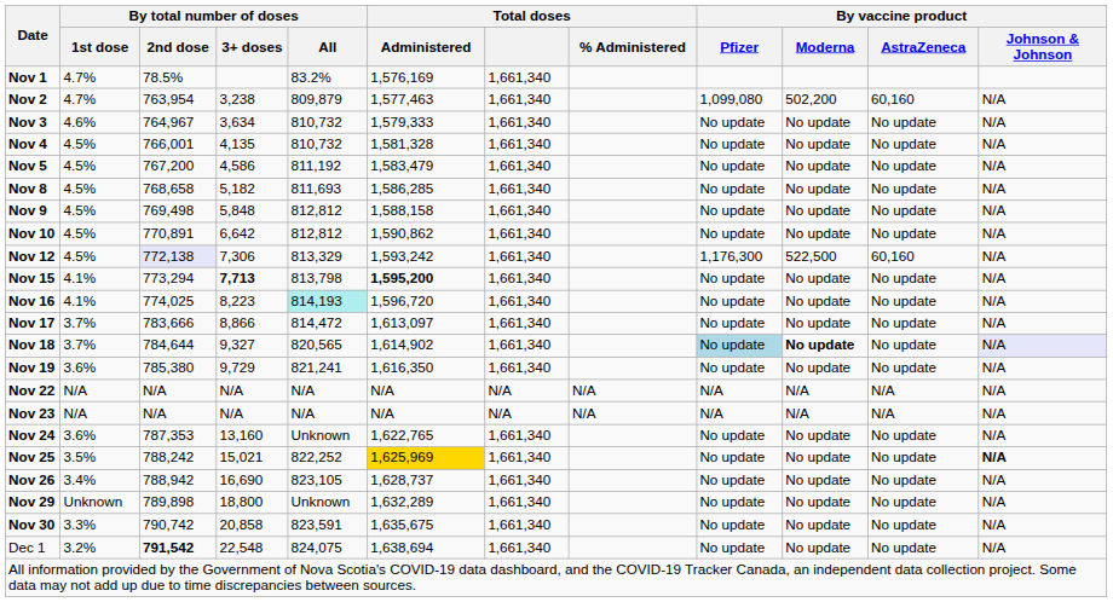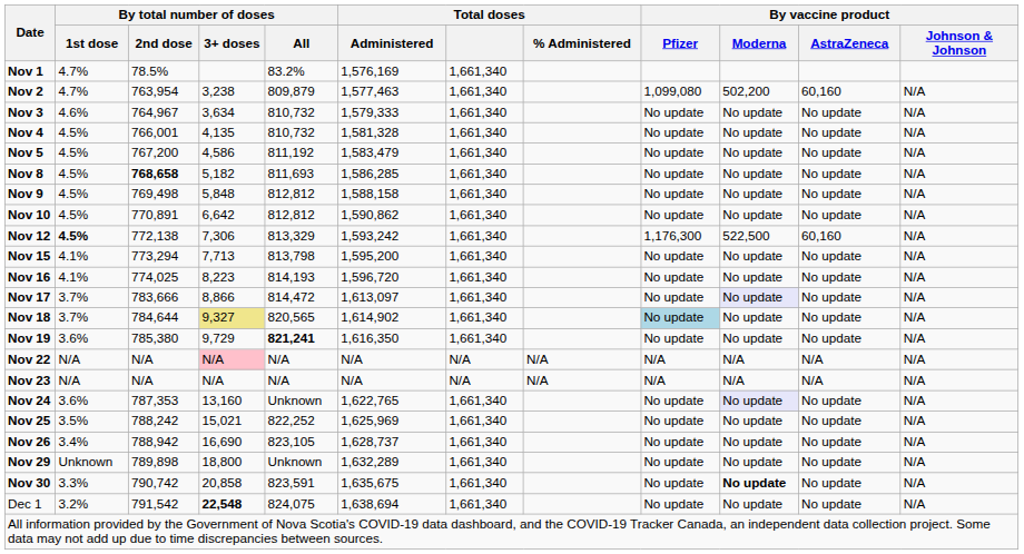 <table class="wikitable">
 <tr>
 <th rowspan="2">Date</th>
 <th colspan="4">By total number of doses</th>
 <th colspan="3">Total doses</th>
 <th colspan="4">By vaccine product</th>
 </tr>
 <tr>
 <th>1st dose</th>
 <th>2nd dose</th>
 <th>3+ doses</th>
 <th>All</th>
 <th>Administered</th>
 <th></th>
 <th>% Administered</th>
 <th><a href='#'>Pfizer</a></th>
 <th><a href='#'>Moderna</a></th>
 <th><a href='#'>AstraZeneca</a></th>
 <th><a href='#'>Johnson & Johnson</a></th>
 </tr>
 <tr>
 <td><strong>Nov 1</strong></td>
 <td>4.7%</td>
 <td>78.5%</td>
 <td></td>
 <td>83.2%</td>
 <td>1,576,169</td>
 <td>1,661,340</td>
 <td></td>
 <td></td>
 <td></td>
 <td></td>
 <td></td>
 </tr>
 <tr>
 <td><strong>Nov 2</strong></td>
 <td>4.7%</td>
 <td>763,954</td>
 <td>3,238</td>
 <td>809,879</td>
 <td>1,577,463</td>
 <td>1,661,340</td>
 <td></td>
 <td>1,099,080</td>
 <td>502,200</td>
 <td>60,160</td>
 <td>N/A</td>
 </tr>
 <tr>
 <td><strong>Nov 3</strong></td>
 <td>4.6%</td>
 <td>764,967</td>
 <td>3,634</td>
 <td>810,732</td>
 <td>1,579,333</td>
 <td>1,661,340</td>
 <td></td>
 <td>No update</td>
 <td>No update</td>
 <td>No update</td>
 <td>N/A</td>
 </tr>
 <tr>
 <td><strong>Nov 4</strong></td>
 <td>4.5%</td>
 <td>766,001</td>
 <td>4,135</td>
 <td>810,732</td>
 <td>1,581,328</td>
 <td>1,661,340</td>
 <td></td>
 <td>No update</td>
 <td>No update</td>
 <td>No update</td>
 <td>N/A</td>
 </tr>
 <tr>
 <td><strong>Nov 5</strong></td>
 <td>4.5%</td>
 <td>767,200</td>
 <td>4,586</td>
 <td>811,192</td>
 <td>1,583,479</td>
 <td>1,661,340</td>
 <td></td>
 <td>No update</td>
 <td>No update</td>
 <td>No update</td>
 <td>N/A</td>
 </tr>
 <tr>
 <td><strong>Nov 8</strong></td>
 <td>4.5%</td>
-<td>768,658</td>
+<td><strong>768,658</strong></td>
 <td>5,182</td>
 <td>811,693</td>
 <td>1,586,285</td>
 <td>1,661,340</td>
 <td></td>
 <td>No update</td>
 <td>No update</td>
 <td>No update</td>
 <td>N/A</td>
 </tr>
 <tr>
 <td><strong>Nov 9</strong></td>
 <td>4.5%</td>
 <td>769,498</td>
 <td>5,848</td>
 <td>812,812</td>
 <td>1,588,158</td>
 <td>1,661,340</td>
 <td></td>
 <td>No update</td>
 <td>No update</td>
 <td>No update</td>
 <td>N/A</td>
 </tr>
 <tr>
 <td><strong>Nov 10</strong></td>
 <td>4.5%</td>
 <td>770,891</td>
 <td>6,642</td>
 <td>812,812</td>
 <td>1,590,862</td>
 <td>1,661,340</td>
 <td></td>
 <td>No update</td>
 <td>No update</td>
 <td>No update</td>
 <td>N/A</td>
 </tr>
 <tr>
 <td><strong>Nov 12</strong></td>
-<td>4.5%</td>
-<td style="background: lavender;">772,138</td>
+<td><strong>4.5%</strong></td>
+<td>772,138</td>
 <td>7,306</td>
 <td>813,329</td>
 <td>1,593,242</td>
 <td>1,661,340</td>
 <td></td>
 <td>1,176,300</td>
 <td>522,500</td>
 <td>60,160</td>
 <td>N/A</td>
 </tr>
 <tr>
 <td><strong>Nov 15</strong></td>
 <td>4.1%</td>
 <td>773,294</td>
-<td><strong>7,713</strong></td>
+<td>7,713</td>
 <td>813,798</td>
-<td><strong>1,595,200</strong></td>
+<td>1,595,200</td>
 <td>1,661,340</td>
 <td></td>
 <td>No update</td>
 <td>No update</td>
 <td>No update</td>
 <td>N/A</td>
 </tr>
 <tr>
 <td><strong>Nov 16</strong></td>
 <td>4.1%</td>
 <td>774,025</td>
 <td>8,223</td>
-<td style="background: paleturquoise;">814,193</td>
+<td>814,193</td>
 <td>1,596,720</td>
 <td>1,661,340</td>
 <td></td>
 <td>No update</td>
 <td>No update</td>
 <td>No update</td>
 <td>N/A</td>
 </tr>
 <tr>
 <td><strong>Nov 17</strong></td>
 <td>3.7%</td>
 <td>783,666</td>
 <td>8,866</td>
 <td>814,472</td>
 <td>1,613,097</td>
 <td>1,661,340</td>
 <td></td>
 <td>No update</td>
-<td>No update</td>
+<td style="background: lavender;">No update</td>
 <td>No update</td>
 <td>N/A</td>
 </tr>
 <tr>
 <td><strong>Nov 18</strong></td>
 <td>3.7%</td>
 <td>784,644</td>
-<td>9,327</td>
+<td style="background: khaki;">9,327</td>
 <td>820,565</td>
 <td>1,614,902</td>
 <td>1,661,340</td>
 <td></td>
 <td style="background: lightblue;">No update</td>
-<td><strong>No update</strong></td>
 <td>No update</td>
-<td style="background: lavender;">N/A</td>
+<td>No update</td>
+<td>N/A</td>
 </tr>
 <tr>
 <td><strong>Nov 19</strong></td>
 <td>3.6%</td>
 <td>785,380</td>
 <td>9,729</td>
-<td>821,241</td>
+<td><strong>821,241</strong></td>
 <td>1,616,350</td>
 <td>1,661,340</td>
 <td></td>
 <td>No update</td>
 <td>No update</td>
 <td>No update</td>
 <td>N/A</td>
 </tr>
 <tr>
 <td><strong>Nov 22</strong></td>
 <td>N/A</td>
 <td>N/A</td>
-<td>N/A</td>
+<td style="background: pink;">N/A</td>
 <td>N/A</td>
 <td>N/A</td>
 <td>N/A</td>
 <td>N/A</td>
 <td>N/A</td>
 <td>N/A</td>
 <td>N/A</td>
 <td>N/A</td>
 </tr>
 <tr>
 <td><strong>Nov 23</strong></td>
 <td>N/A</td>
 <td>N/A</td>
 <td>N/A</td>
 <td>N/A</td>
 <td>N/A</td>
 <td>N/A</td>
 <td>N/A</td>
 <td>N/A</td>
 <td>N/A</td>
 <td>N/A</td>
 <td>N/A</td>
 </tr>
 <tr>
 <td><strong>Nov 24</strong></td>
 <td>3.6%</td>
 <td>787,353</td>
 <td>13,160</td>
 <td>Unknown</td>
 <td>1,622,765</td>
 <td>1,661,340</td>
 <td></td>
 <td>No update</td>
-<td>No update</td>
+<td style="background: lavender;">No update</td>
 <td>No update</td>
 <td>N/A</td>
 </tr>
 <tr>
 <td><strong>Nov 25</strong></td>
 <td>3.5%</td>
 <td>788,242</td>
 <td>15,021</td>
 <td>822,252</td>
-<td style="background: gold;">1,625,969</td>
+<td>1,625,969</td>
 <td>1,661,340</td>
 <td></td>
 <td>No update</td>
 <td>No update</td>
 <td>No update</td>
-<td><strong>N/A</strong></td>
+<td>N/A</td>
 </tr>
 <tr>
 <td><strong>Nov 26</strong></td>
 <td>3.4%</td>
 <td>788,942</td>
 <td>16,690</td>
 <td>823,105</td>
 <td>1,628,737</td>
 <td>1,661,340</td>
 <td></td>
 <td>No update</td>
 <td>No update</td>
 <td>No update</td>
 <td>N/A</td>
 </tr>
 <tr>
 <td><strong>Nov 29</strong></td>
 <td>Unknown</td>
 <td>789,898</td>
 <td>18,800</td>
 <td>Unknown</td>
 <td>1,632,289</td>
 <td>1,661,340</td>
 <td></td>
 <td>No update</td>
 <td>No update</td>
 <td>No update</td>
 <td>N/A</td>
 </tr>
 <tr>
 <td><strong>Nov 30</strong></td>
 <td>3.3%</td>
 <td>790,742</td>
 <td>20,858</td>
 <td>823,591</td>
 <td>1,635,675</td>
 <td>1,661,340</td>
 <td></td>
 <td>No update</td>
-<td>No update</td>
+<td><strong>No update</strong></td>
 <td>No update</td>
 <td>N/A</td>
 </tr>
 <tr>
 <td>Dec 1</td>
 <td>3.2%</td>
-<td><strong>791,542</strong></td>
-<td>22,548</td>
+<td>791,542</td>
+<td><strong>22,548</strong></td>
 <td>824,075</td>
 <td>1,638,694</td>
 <td>1,661,340</td>
 <td></td>
 <td>No update</td>
 <td>No update</td>
 <td>No update</td>
 <td>N/A</td>
 </tr>
 <tr>
 <td colspan="12">All information provided by the Government of Nova Scotia's COVID-19 data dashboard, and the COVID-19 Tracker Canada, an independent data collection project. Some data may not add up due to time discrepancies between sources.</td>
 </tr>
 </table>
